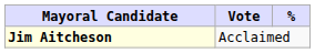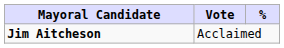 <table class="wikitable">
 <tr>
 <th style="background:#ddf; width:200px;">Mayoral Candidate</th>
 <th style="background:#ddf; width:50px;">Vote</th>
 <th style="background:#ddf; width:30px;">%</th>
 </tr>
 <tr>
-<td style="background: lightyellow;"><strong>Jim Aitcheson</strong></td>
+<td><strong>Jim Aitcheson</strong></td>
 <td colspan="2">Acclaimed</td>
 </tr>
 </table>
